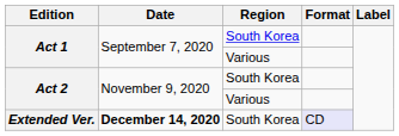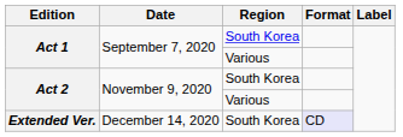 <table class="wikitable plainrowheaders">
 <tr>
 <th scope="col">Edition</th>
 <th scope="col">Date</th>
 <th scope="col">Region</th>
 <th scope="col">Format</th>
 <th scope="col">Label</th>
 </tr>
 <tr>
 <th scope="row" rowspan="2"><em>Act 1</em></th>
 <td rowspan="2">September 7, 2020</td>
 <td><a href='#'>South Korea</a></td>
 <td></td>
 <td rowspan="5"></td>
 </tr>
 <tr>
 <td>Various</td>
 <td></td>
 </tr>
 <tr>
 <th scope="row" rowspan="2"><em>Act 2</em></th>
 <td rowspan="2">November 9, 2020</td>
 <td>South Korea</td>
 <td></td>
 </tr>
 <tr>
 <td>Various</td>
 <td></td>
 </tr>
 <tr>
 <th scope="row"><em>Extended Ver.</em></th>
-<td><strong>December 14, 2020</strong></td>
+<td>December 14, 2020</td>
 <td>South Korea</td>
 <td style="background: lavender;">CD</td>
 </tr>
 </table>
